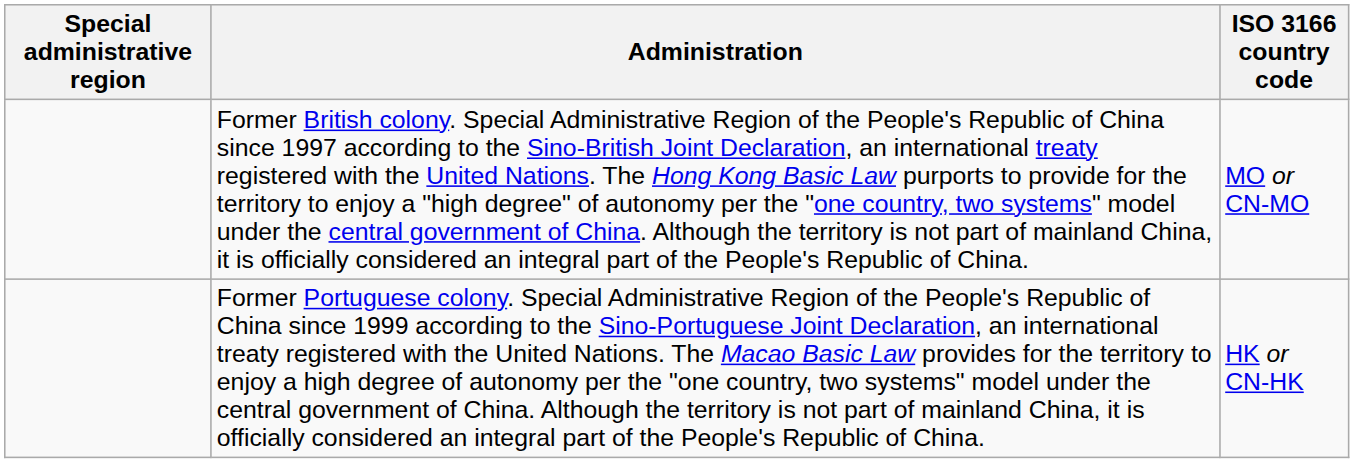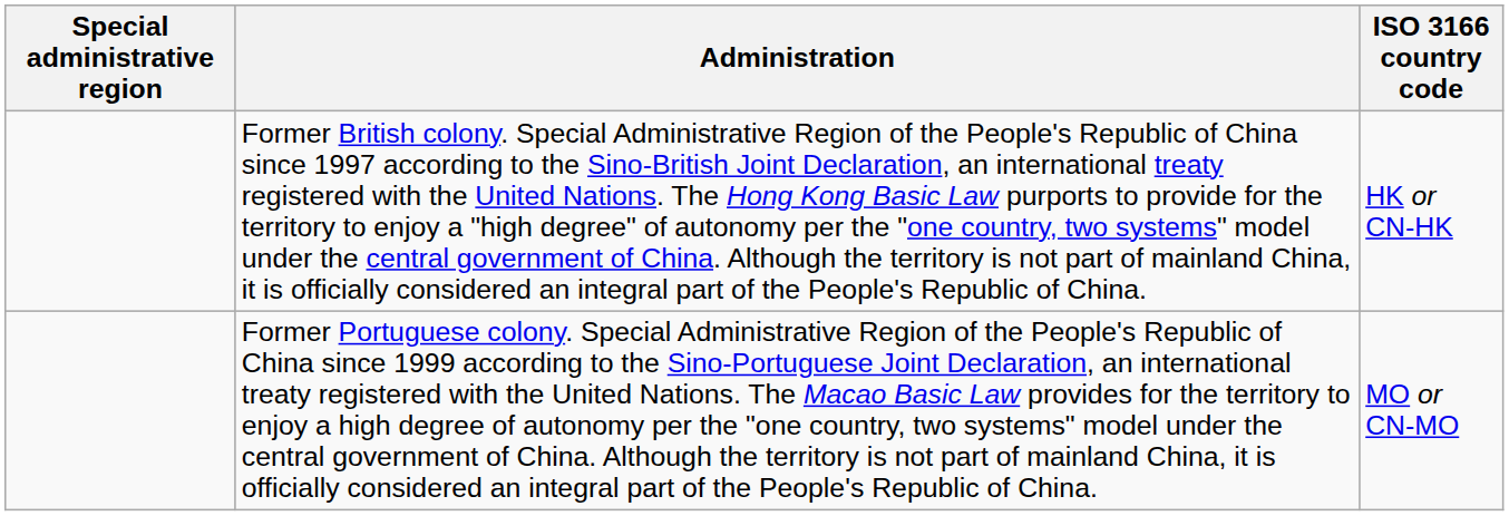 <table class="wikitable sortable">
 <tr>
 <th>Special administrative region</th>
 <th>Administration</th>
 <th>ISO 3166 country code</th>
 </tr>
 <tr>
 <td></td>
 <td>Former <a href='#'>British colony</a>. Special Administrative Region of the People's Republic of China since 1997 according to the <a href='#'>Sino-British Joint Declaration</a>, an international <a href='#'>treaty</a> registered with the <a href='#'>United Nations</a>. The <em><a href='#'>Hong Kong Basic Law</a></em> purports to provide for the territory to enjoy a "high degree" of autonomy per the "<a href='#'>one country, two systems</a>" model under the <a href='#'>central government of China</a>. Although the territory is not part of mainland China, it is officially considered an integral part of the People's Republic of China.</td>
-<td><a href='#'>MO</a> <em>or</em><br><a href='#'>CN-MO</a></td>
+<td><a href='#'>HK</a> <em>or</em><br><a href='#'>CN-HK</a></td>
 </tr>
 <tr>
 <td></td>
 <td>Former <a href='#'>Portuguese colony</a>. Special Administrative Region of the People's Republic of China since 1999 according to the <a href='#'>Sino-Portuguese Joint Declaration</a>, an international treaty registered with the United Nations. The <em><a href='#'>Macao Basic Law</a></em> provides for the territory to enjoy a high degree of autonomy per the "one country, two systems" model under the central government of China. Although the territory is not part of mainland China, it is officially considered an integral part of the People's Republic of China.</td>
-<td><a href='#'>HK</a> <em>or</em><br><a href='#'>CN-HK</a></td>
+<td><a href='#'>MO</a> <em>or</em><br><a href='#'>CN-MO</a></td>
 </tr>
 </table>
